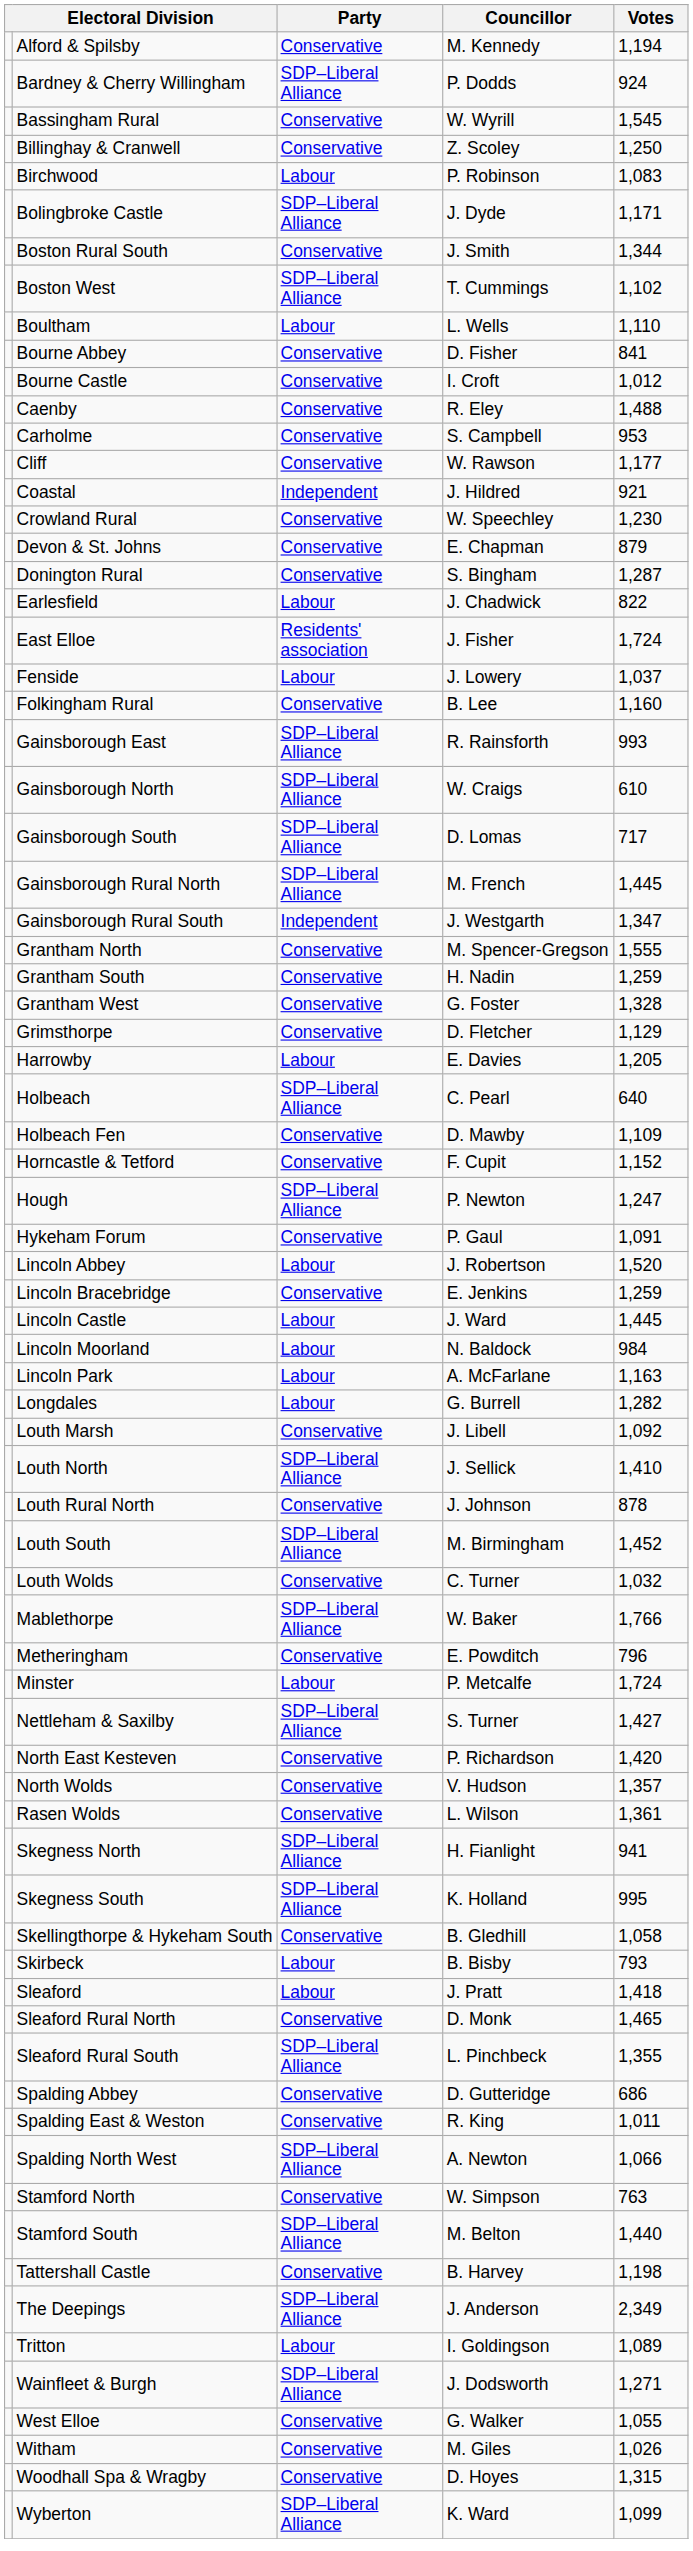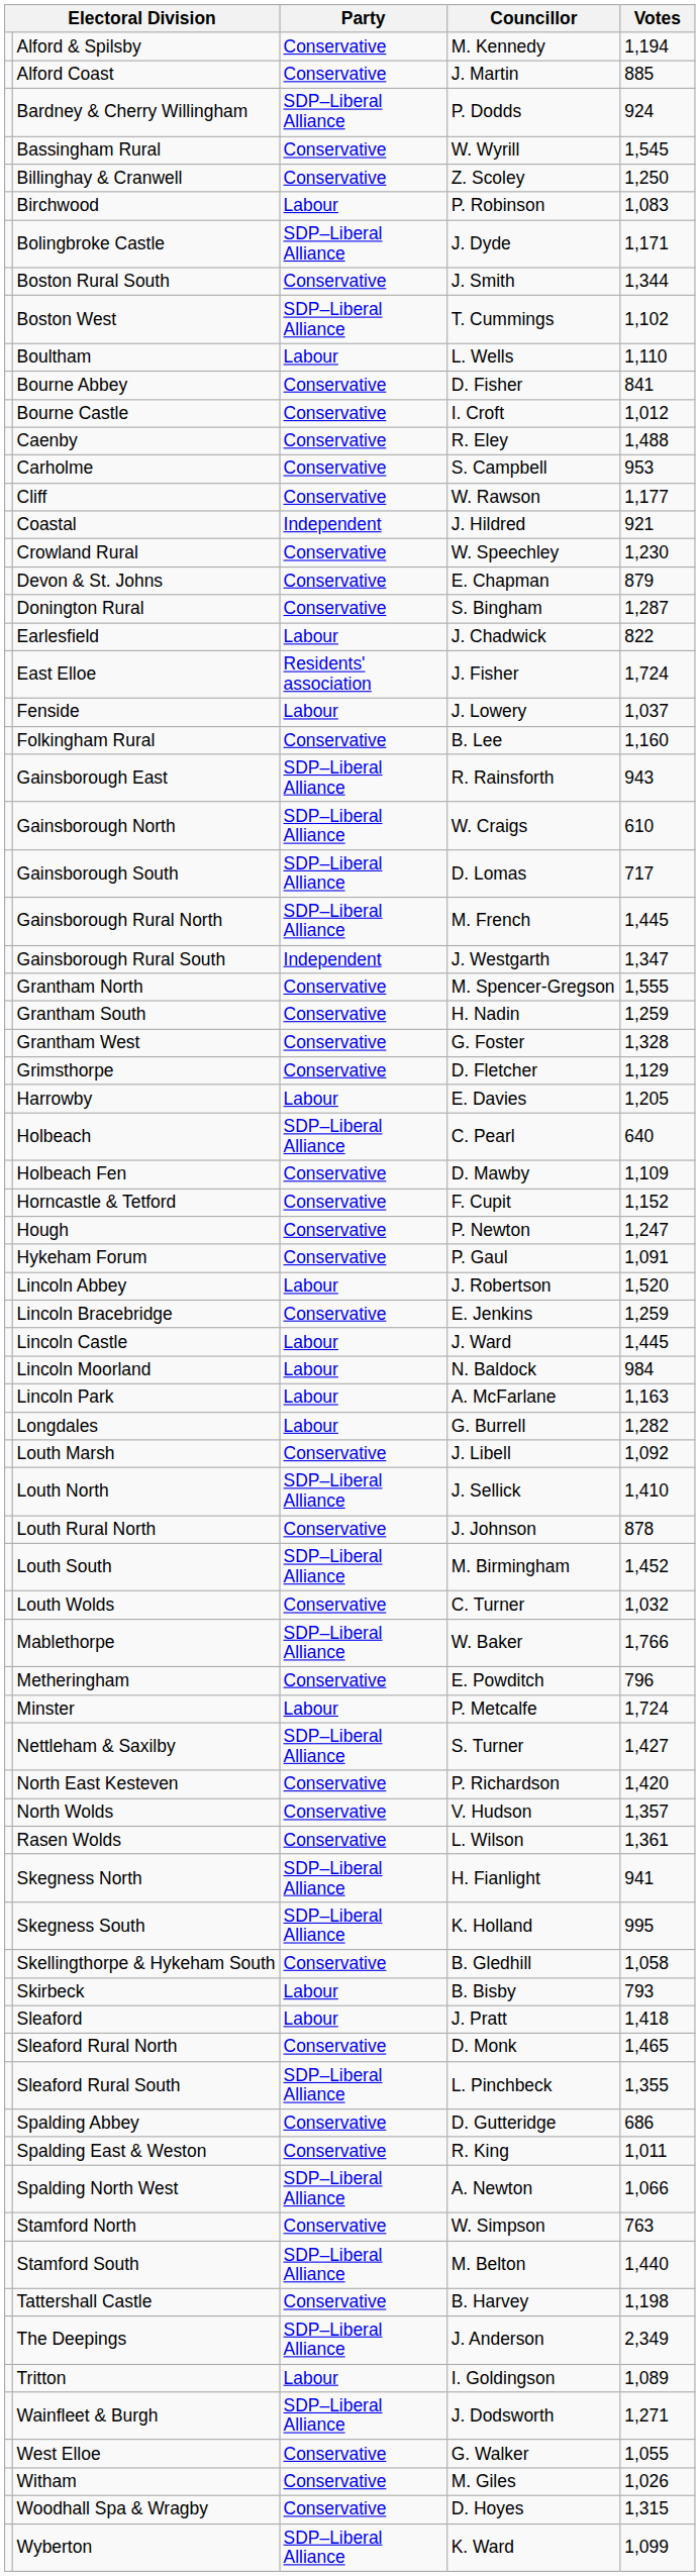 <table class="wikitable">
 <tr>
 <th colspan="2">Electoral Division</th>
 <th width="145px">Party</th>
 <th width="150px">Councillor</th>
 <th width="60px">Votes</th>
 </tr>
 <tr>
 <td style="color:inherit;background:"></td>
 <td>Alford & Spilsby</td>
 <td><a href='#'>Conservative</a></td>
 <td>M. Kennedy</td>
 <td>1,194</td>
+</tr>
+<tr>
+<td style="color:inherit;background:"></td>
+<td>Alford Coast</td>
+<td><a href='#'>Conservative</a></td>
+<td>J. Martin</td>
+<td>885</td>
 </tr>
 <tr>
 <td style="color:inherit;background:"></td>
 <td>Bardney & Cherry Willingham</td>
 <td><a href='#'>SDP–Liberal Alliance</a></td>
 <td>P. Dodds</td>
 <td>924</td>
 </tr>
 <tr>
 <td style="color:inherit;background:"></td>
 <td>Bassingham Rural</td>
 <td><a href='#'>Conservative</a></td>
 <td>W. Wyrill</td>
 <td>1,545</td>
 </tr>
 <tr>
 <td style="color:inherit;background:"></td>
 <td>Billinghay & Cranwell</td>
 <td><a href='#'>Conservative</a></td>
 <td>Z. Scoley</td>
 <td>1,250</td>
 </tr>
 <tr>
 <td style="color:inherit;background:"></td>
 <td>Birchwood</td>
 <td><a href='#'>Labour</a></td>
 <td>P. Robinson</td>
 <td>1,083</td>
 </tr>
 <tr>
 <td style="color:inherit;background:"></td>
 <td>Bolingbroke Castle</td>
 <td><a href='#'>SDP–Liberal Alliance</a></td>
 <td>J. Dyde</td>
 <td>1,171</td>
 </tr>
 <tr>
 <td style="color:inherit;background:"></td>
 <td>Boston Rural South</td>
 <td><a href='#'>Conservative</a></td>
 <td>J. Smith</td>
 <td>1,344</td>
 </tr>
 <tr>
 <td style="color:inherit;background:"></td>
 <td>Boston West</td>
 <td><a href='#'>SDP–Liberal Alliance</a></td>
 <td>T. Cummings</td>
 <td>1,102</td>
 </tr>
 <tr>
 <td style="color:inherit;background:"></td>
 <td>Boultham</td>
 <td><a href='#'>Labour</a></td>
 <td>L. Wells</td>
 <td>1,110</td>
 </tr>
 <tr>
 <td style="color:inherit;background:"></td>
 <td>Bourne Abbey</td>
 <td><a href='#'>Conservative</a></td>
 <td>D. Fisher</td>
 <td>841</td>
 </tr>
 <tr>
 <td style="color:inherit;background:"></td>
 <td>Bourne Castle</td>
 <td><a href='#'>Conservative</a></td>
 <td>I. Croft</td>
 <td>1,012</td>
 </tr>
 <tr>
 <td style="color:inherit;background:"></td>
 <td>Caenby</td>
 <td><a href='#'>Conservative</a></td>
 <td>R. Eley</td>
 <td>1,488</td>
 </tr>
 <tr>
 <td style="color:inherit;background:"></td>
 <td>Carholme</td>
 <td><a href='#'>Conservative</a></td>
 <td>S. Campbell</td>
 <td>953</td>
 </tr>
 <tr>
 <td style="color:inherit;background:"></td>
 <td>Cliff</td>
 <td><a href='#'>Conservative</a></td>
 <td>W. Rawson</td>
 <td>1,177</td>
 </tr>
 <tr>
 <td style="color:inherit;background:"></td>
 <td>Coastal</td>
 <td><a href='#'>Independent</a></td>
 <td>J. Hildred</td>
 <td>921</td>
 </tr>
 <tr>
 <td style="color:inherit;background:"></td>
 <td>Crowland Rural</td>
 <td><a href='#'>Conservative</a></td>
 <td>W. Speechley</td>
 <td>1,230</td>
 </tr>
 <tr>
 <td style="color:inherit;background:"></td>
 <td>Devon & St. Johns</td>
 <td><a href='#'>Conservative</a></td>
 <td>E. Chapman</td>
 <td>879</td>
 </tr>
 <tr>
 <td style="color:inherit;background:"></td>
 <td>Donington Rural</td>
 <td><a href='#'>Conservative</a></td>
 <td>S. Bingham</td>
 <td>1,287</td>
 </tr>
 <tr>
 <td style="color:inherit;background:"></td>
 <td>Earlesfield</td>
 <td><a href='#'>Labour</a></td>
 <td>J. Chadwick</td>
 <td>822</td>
 </tr>
 <tr>
 <td style="color:inherit;background:"></td>
 <td>East Elloe</td>
 <td><a href='#'>Residents' association</a></td>
 <td>J. Fisher</td>
 <td>1,724</td>
 </tr>
 <tr>
 <td style="color:inherit;background:"></td>
 <td>Fenside</td>
 <td><a href='#'>Labour</a></td>
 <td>J. Lowery</td>
 <td>1,037</td>
 </tr>
 <tr>
 <td style="color:inherit;background:"></td>
 <td>Folkingham Rural</td>
 <td><a href='#'>Conservative</a></td>
 <td>B. Lee</td>
 <td>1,160</td>
 </tr>
 <tr>
 <td style="color:inherit;background:"></td>
 <td>Gainsborough East</td>
 <td><a href='#'>SDP–Liberal Alliance</a></td>
 <td>R. Rainsforth</td>
-<td>993</td>
+<td>943</td>
 </tr>
 <tr>
 <td style="color:inherit;background:"></td>
 <td>Gainsborough North</td>
 <td><a href='#'>SDP–Liberal Alliance</a></td>
 <td>W. Craigs</td>
 <td>610</td>
 </tr>
 <tr>
 <td style="color:inherit;background:"></td>
 <td>Gainsborough South</td>
 <td><a href='#'>SDP–Liberal Alliance</a></td>
 <td>D. Lomas</td>
 <td>717</td>
 </tr>
 <tr>
 <td style="color:inherit;background:"></td>
 <td>Gainsborough Rural North</td>
 <td><a href='#'>SDP–Liberal Alliance</a></td>
 <td>M. French</td>
 <td>1,445</td>
 </tr>
 <tr>
 <td style="color:inherit;background:"></td>
 <td>Gainsborough Rural South</td>
 <td><a href='#'>Independent</a></td>
 <td>J. Westgarth</td>
 <td>1,347</td>
 </tr>
 <tr>
 <td style="color:inherit;background:"></td>
 <td>Grantham North</td>
 <td><a href='#'>Conservative</a></td>
 <td>M. Spencer-Gregson</td>
 <td>1,555</td>
 </tr>
 <tr>
 <td style="color:inherit;background:"></td>
 <td>Grantham South</td>
 <td><a href='#'>Conservative</a></td>
 <td>H. Nadin</td>
 <td>1,259</td>
 </tr>
 <tr>
 <td style="color:inherit;background:"></td>
 <td>Grantham West</td>
 <td><a href='#'>Conservative</a></td>
 <td>G. Foster</td>
 <td>1,328</td>
 </tr>
 <tr>
 <td style="color:inherit;background:"></td>
 <td>Grimsthorpe</td>
 <td><a href='#'>Conservative</a></td>
 <td>D. Fletcher</td>
 <td>1,129</td>
 </tr>
 <tr>
 <td style="color:inherit;background:"></td>
 <td>Harrowby</td>
 <td><a href='#'>Labour</a></td>
 <td>E. Davies</td>
 <td>1,205</td>
 </tr>
 <tr>
 <td style="color:inherit;background:"></td>
 <td>Holbeach</td>
 <td><a href='#'>SDP–Liberal Alliance</a></td>
 <td>C. Pearl</td>
 <td>640</td>
 </tr>
 <tr>
 <td style="color:inherit;background:"></td>
 <td>Holbeach Fen</td>
 <td><a href='#'>Conservative</a></td>
 <td>D. Mawby</td>
 <td>1,109</td>
 </tr>
 <tr>
 <td style="color:inherit;background:"></td>
 <td>Horncastle & Tetford</td>
 <td><a href='#'>Conservative</a></td>
 <td>F. Cupit</td>
 <td>1,152</td>
 </tr>
 <tr>
 <td style="color:inherit;background:"></td>
 <td>Hough</td>
-<td><a href='#'>SDP–Liberal Alliance</a></td>
+<td><a href='#'>Conservative</a></td>
 <td>P. Newton</td>
 <td>1,247</td>
 </tr>
 <tr>
 <td style="color:inherit;background:"></td>
 <td>Hykeham Forum</td>
 <td><a href='#'>Conservative</a></td>
 <td>P. Gaul</td>
 <td>1,091</td>
 </tr>
 <tr>
 <td style="color:inherit;background:"></td>
 <td>Lincoln Abbey</td>
 <td><a href='#'>Labour</a></td>
 <td>J. Robertson</td>
 <td>1,520</td>
 </tr>
 <tr>
 <td style="color:inherit;background:"></td>
 <td>Lincoln Bracebridge</td>
 <td><a href='#'>Conservative</a></td>
 <td>E. Jenkins</td>
 <td>1,259</td>
 </tr>
 <tr>
 <td style="color:inherit;background:"></td>
 <td>Lincoln Castle</td>
 <td><a href='#'>Labour</a></td>
 <td>J. Ward</td>
 <td>1,445</td>
 </tr>
 <tr>
 <td style="color:inherit;background:"></td>
 <td>Lincoln Moorland</td>
 <td><a href='#'>Labour</a></td>
 <td>N. Baldock</td>
 <td>984</td>
 </tr>
 <tr>
 <td style="color:inherit;background:"></td>
 <td>Lincoln Park</td>
 <td><a href='#'>Labour</a></td>
 <td>A. McFarlane</td>
 <td>1,163</td>
 </tr>
 <tr>
 <td style="color:inherit;background:"></td>
 <td>Longdales</td>
 <td><a href='#'>Labour</a></td>
 <td>G. Burrell</td>
 <td>1,282</td>
 </tr>
 <tr>
 <td style="color:inherit;background:"></td>
 <td>Louth Marsh</td>
 <td><a href='#'>Conservative</a></td>
 <td>J. Libell</td>
 <td>1,092</td>
 </tr>
 <tr>
 <td style="color:inherit;background:"></td>
 <td>Louth North</td>
 <td><a href='#'>SDP–Liberal Alliance</a></td>
 <td>J. Sellick</td>
 <td>1,410</td>
 </tr>
 <tr>
 <td style="color:inherit;background:"></td>
 <td>Louth Rural North</td>
 <td><a href='#'>Conservative</a></td>
 <td>J. Johnson</td>
 <td>878</td>
 </tr>
 <tr>
 <td style="color:inherit;background:"></td>
 <td>Louth South</td>
 <td><a href='#'>SDP–Liberal Alliance</a></td>
 <td>M. Birmingham</td>
 <td>1,452</td>
 </tr>
 <tr>
 <td style="color:inherit;background:"></td>
 <td>Louth Wolds</td>
 <td><a href='#'>Conservative</a></td>
 <td>C. Turner</td>
 <td>1,032</td>
 </tr>
 <tr>
 <td style="color:inherit;background:"></td>
 <td>Mablethorpe</td>
 <td><a href='#'>SDP–Liberal Alliance</a></td>
 <td>W. Baker</td>
 <td>1,766</td>
 </tr>
 <tr>
 <td style="color:inherit;background:"></td>
 <td>Metheringham</td>
 <td><a href='#'>Conservative</a></td>
 <td>E. Powditch</td>
 <td>796</td>
 </tr>
 <tr>
 <td style="color:inherit;background:"></td>
 <td>Minster</td>
 <td><a href='#'>Labour</a></td>
 <td>P. Metcalfe</td>
 <td>1,724</td>
 </tr>
 <tr>
 <td style="color:inherit;background:"></td>
 <td>Nettleham & Saxilby</td>
 <td><a href='#'>SDP–Liberal Alliance</a></td>
 <td>S. Turner</td>
 <td>1,427</td>
 </tr>
 <tr>
 <td style="color:inherit;background:"></td>
 <td>North East Kesteven</td>
 <td><a href='#'>Conservative</a></td>
 <td>P. Richardson</td>
 <td>1,420</td>
 </tr>
 <tr>
 <td style="color:inherit;background:"></td>
 <td>North Wolds</td>
 <td><a href='#'>Conservative</a></td>
 <td>V. Hudson</td>
 <td>1,357</td>
 </tr>
 <tr>
 <td style="color:inherit;background:"></td>
 <td>Rasen Wolds</td>
 <td><a href='#'>Conservative</a></td>
 <td>L. Wilson</td>
 <td>1,361</td>
 </tr>
 <tr>
 <td style="color:inherit;background:"></td>
 <td>Skegness North</td>
 <td><a href='#'>SDP–Liberal Alliance</a></td>
 <td>H. Fianlight</td>
 <td>941</td>
 </tr>
 <tr>
 <td style="color:inherit;background:"></td>
 <td>Skegness South</td>
 <td><a href='#'>SDP–Liberal Alliance</a></td>
 <td>K. Holland</td>
 <td>995</td>
 </tr>
 <tr>
 <td style="color:inherit;background:"></td>
 <td>Skellingthorpe & Hykeham South</td>
 <td><a href='#'>Conservative</a></td>
 <td>B. Gledhill</td>
 <td>1,058</td>
 </tr>
 <tr>
 <td style="color:inherit;background:"></td>
 <td>Skirbeck</td>
 <td><a href='#'>Labour</a></td>
 <td>B. Bisby</td>
 <td>793</td>
 </tr>
 <tr>
 <td style="color:inherit;background:"></td>
 <td>Sleaford</td>
 <td><a href='#'>Labour</a></td>
 <td>J. Pratt</td>
 <td>1,418</td>
 </tr>
 <tr>
 <td style="color:inherit;background:"></td>
 <td>Sleaford Rural North</td>
 <td><a href='#'>Conservative</a></td>
 <td>D. Monk</td>
 <td>1,465</td>
 </tr>
 <tr>
 <td style="color:inherit;background:"></td>
 <td>Sleaford Rural South</td>
 <td><a href='#'>SDP–Liberal Alliance</a></td>
 <td>L. Pinchbeck</td>
 <td>1,355</td>
 </tr>
 <tr>
 <td style="color:inherit;background:"></td>
 <td>Spalding Abbey</td>
 <td><a href='#'>Conservative</a></td>
 <td>D. Gutteridge</td>
 <td>686</td>
 </tr>
 <tr>
 <td style="color:inherit;background:"></td>
 <td>Spalding East & Weston</td>
 <td><a href='#'>Conservative</a></td>
 <td>R. King</td>
 <td>1,011</td>
 </tr>
 <tr>
 <td style="color:inherit;background:"></td>
 <td>Spalding North West</td>
 <td><a href='#'>SDP–Liberal Alliance</a></td>
 <td>A. Newton</td>
 <td>1,066</td>
 </tr>
 <tr>
 <td style="color:inherit;background:"></td>
 <td>Stamford North</td>
 <td><a href='#'>Conservative</a></td>
 <td>W. Simpson</td>
 <td>763</td>
 </tr>
 <tr>
 <td style="color:inherit;background:"></td>
 <td>Stamford South</td>
 <td><a href='#'>SDP–Liberal Alliance</a></td>
 <td>M. Belton</td>
 <td>1,440</td>
 </tr>
 <tr>
 <td style="color:inherit;background:"></td>
 <td>Tattershall Castle</td>
 <td><a href='#'>Conservative</a></td>
 <td>B. Harvey</td>
 <td>1,198</td>
 </tr>
 <tr>
 <td style="color:inherit;background:"></td>
 <td>The Deepings</td>
 <td><a href='#'>SDP–Liberal Alliance</a></td>
 <td>J. Anderson</td>
 <td>2,349</td>
 </tr>
 <tr>
 <td style="color:inherit;background:"></td>
 <td>Tritton</td>
 <td><a href='#'>Labour</a></td>
 <td>I. Goldingson</td>
 <td>1,089</td>
 </tr>
 <tr>
 <td style="color:inherit;background:"></td>
 <td>Wainfleet & Burgh</td>
 <td><a href='#'>SDP–Liberal Alliance</a></td>
 <td>J. Dodsworth</td>
 <td>1,271</td>
 </tr>
 <tr>
 <td style="color:inherit;background:"></td>
 <td>West Elloe</td>
 <td><a href='#'>Conservative</a></td>
 <td>G. Walker</td>
 <td>1,055</td>
 </tr>
 <tr>
 <td style="color:inherit;background:"></td>
 <td>Witham</td>
 <td><a href='#'>Conservative</a></td>
 <td>M. Giles</td>
 <td>1,026</td>
 </tr>
 <tr>
 <td style="color:inherit;background:"></td>
 <td>Woodhall Spa & Wragby</td>
 <td><a href='#'>Conservative</a></td>
 <td>D. Hoyes</td>
 <td>1,315</td>
 </tr>
 <tr>
 <td style="color:inherit;background:"></td>
 <td>Wyberton</td>
 <td><a href='#'>SDP–Liberal Alliance</a></td>
 <td>K. Ward</td>
 <td>1,099</td>
 </tr>
 </table>
